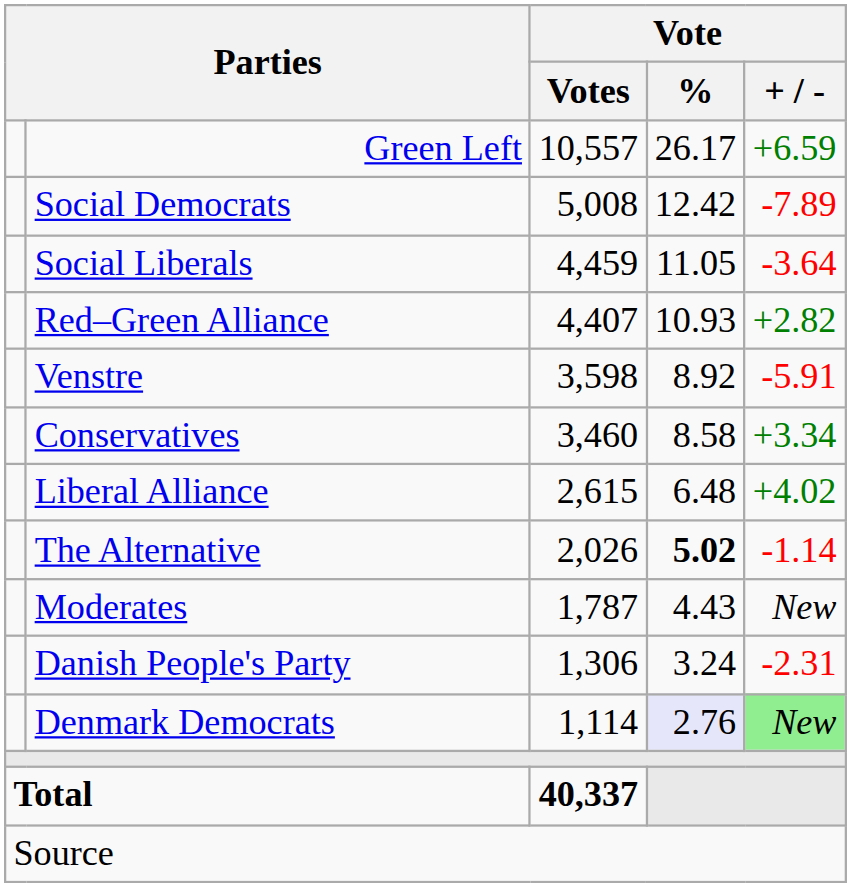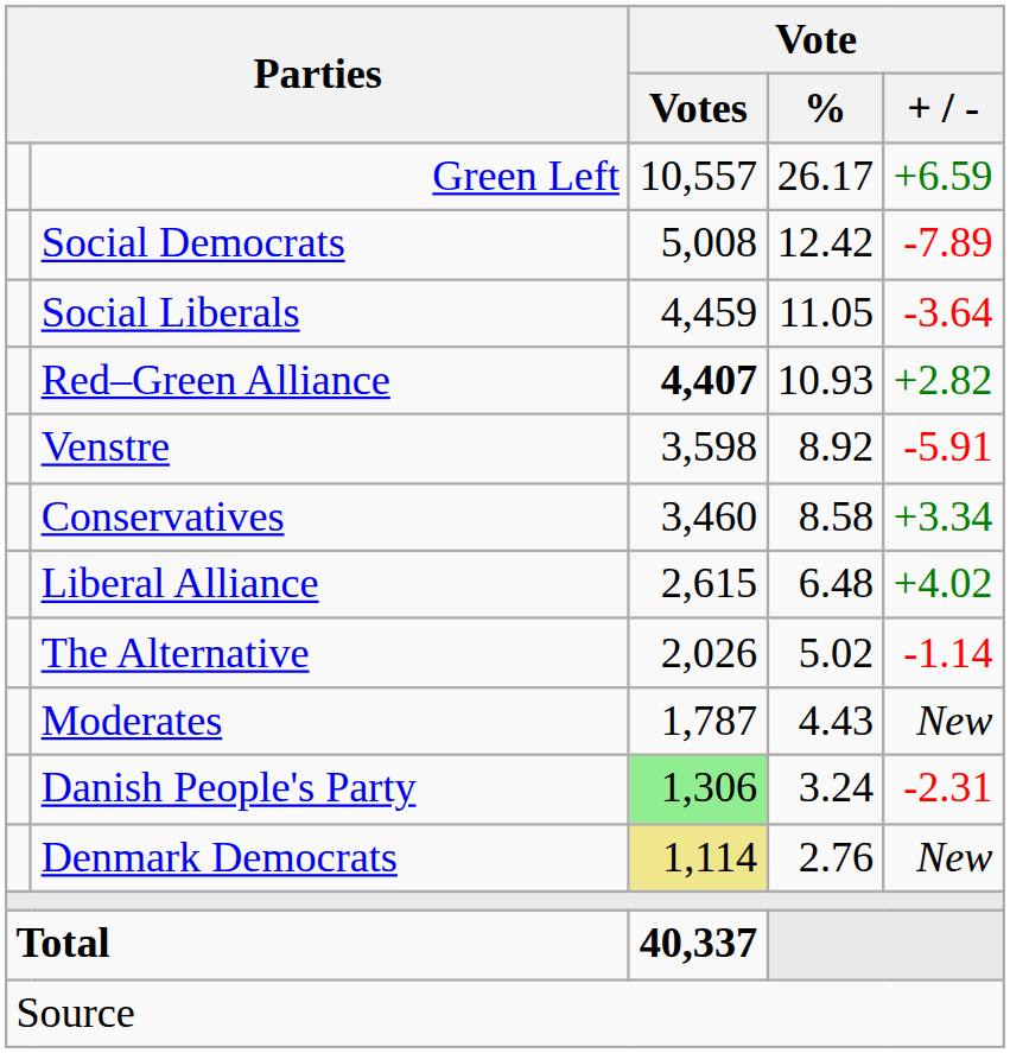 <table class="wikitable" style="text-align:right;">
 <tr>
 <th style="text-align:centre;" rowspan="2" colspan="2" width="225">Parties</th>
 <th colspan="3">Vote</th>
 </tr>
 <tr>
 <th width="15">Votes</th>
 <th width="15">%</th>
 <th width="15">+ / -</th>
 </tr>
 <tr>
 <td width=2 bgcolor=></td>
 <td><a href='#'>Green Left</a></td>
 <td>10,557</td>
 <td>26.17</td>
 <td style=color:green;>+6.59</td>
 </tr>
 <tr>
 <td width=2 bgcolor=></td>
 <td align=left><a href='#'>Social Democrats</a></td>
 <td>5,008</td>
 <td>12.42</td>
 <td style=color:red;>-7.89</td>
 </tr>
 <tr>
 <td width=2 bgcolor=></td>
 <td align=left><a href='#'>Social Liberals</a></td>
 <td>4,459</td>
 <td>11.05</td>
 <td style=color:red;>-3.64</td>
 </tr>
 <tr>
 <td width=2 bgcolor=></td>
 <td align=left><a href='#'>Red–Green Alliance</a></td>
-<td>4,407</td>
+<td><strong>4,407</strong></td>
 <td>10.93</td>
 <td style=color:green;>+2.82</td>
 </tr>
 <tr>
 <td width=2 bgcolor=></td>
 <td align=left><a href='#'>Venstre</a></td>
 <td>3,598</td>
 <td>8.92</td>
 <td style=color:red;>-5.91</td>
 </tr>
 <tr>
 <td width=2 bgcolor=></td>
 <td align=left><a href='#'>Conservatives</a></td>
 <td>3,460</td>
 <td>8.58</td>
 <td style=color:green;>+3.34</td>
 </tr>
 <tr>
 <td width=2 bgcolor=></td>
 <td align=left><a href='#'>Liberal Alliance</a></td>
 <td>2,615</td>
 <td>6.48</td>
 <td style=color:green;>+4.02</td>
 </tr>
 <tr>
 <td width=2 bgcolor=></td>
 <td align=left><a href='#'>The Alternative</a></td>
 <td>2,026</td>
-<td><strong>5.02</strong></td>
+<td>5.02</td>
 <td style=color:red;>-1.14</td>
 </tr>
 <tr>
 <td width=2 bgcolor=></td>
 <td align=left><a href='#'>Moderates</a></td>
 <td>1,787</td>
 <td>4.43</td>
 <td><em>New</em></td>
 </tr>
 <tr>
 <td width=2 bgcolor=></td>
 <td align=left><a href='#'>Danish People's Party</a></td>
-<td>1,306</td>
+<td style="background: lightgreen;">1,306</td>
 <td>3.24</td>
 <td style=color:red;>-2.31</td>
 </tr>
 <tr>
 <td width=2 bgcolor=></td>
 <td align=left><a href='#'>Denmark Democrats</a></td>
-<td>1,114</td>
-<td style="background: lavender;">2.76</td>
-<td style="background: lightgreen;"><em>New</em></td>
+<td style="background: khaki;">1,114</td>
+<td>2.76</td>
+<td><em>New</em></td>
 </tr>
 <tr>
 <td colspan="7" bgcolor="#E9E9E9"></td>
 </tr>
 <tr>
 <td align="left" colspan="2"><strong>Total</strong></td>
 <td><strong>40,337</strong></td>
 <td bgcolor=#E9E9E9 colspan=2></td>
 </tr>
 <tr>
 <td align="left" colspan="6">Source</td>
 </tr>
 </table>
